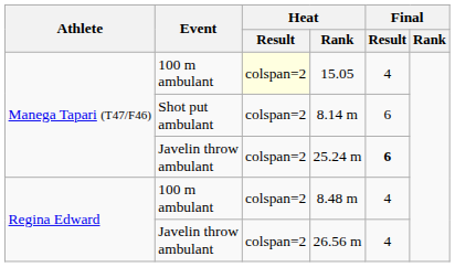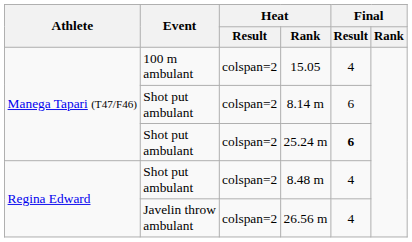 <table class="wikitable" style="font-size:90%">
 <tr>
 <th rowspan="2">Athlete</th>
 <th rowspan="2">Event</th>
 <th colspan="2">Heat</th>
 <th colspan="2">Final</th>
 </tr>
 <tr style="font-size:95%">
 <th>Result</th>
 <th>Rank</th>
 <th>Result</th>
 <th>Rank</th>
 </tr>
 <tr align=center>
 <td align=left rowspan=3><a href='#'>Manega Tapari</a> <small>(T47/F46)</small></td>
 <td align=left>100 m<br>ambulant</td>
-<td style="background: lightyellow;">colspan=2 </td>
+<td>colspan=2 </td>
 <td>15.05</td>
 <td>4</td>
 </tr>
 <tr align=center>
 <td align=left>Shot put<br>ambulant</td>
 <td>colspan=2 </td>
 <td>8.14 m</td>
 <td>6</td>
 </tr>
 <tr align=center>
-<td align=left>Javelin throw<br>ambulant</td>
+<td align=left>Shot put<br>ambulant</td>
 <td>colspan=2 </td>
 <td>25.24 m</td>
 <td><strong>6</strong></td>
 </tr>
 <tr align=center>
 <td align=left rowspan=3><a href='#'>Regina Edward</a></td>
-<td align=left>100 m<br>ambulant</td>
+<td align=left>Shot put<br>ambulant</td>
 <td>colspan=2 </td>
 <td>8.48 m</td>
 <td>4</td>
 </tr>
 <tr align=center>
 <td align=left>Javelin throw<br>ambulant</td>
 <td>colspan=2 </td>
 <td>26.56 m</td>
 <td>4</td>
 </tr>
 </table>
